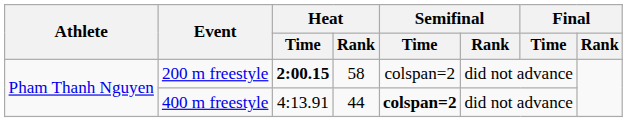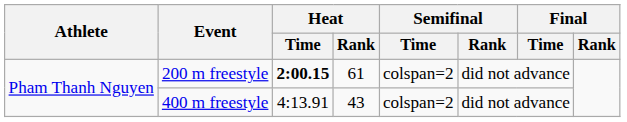 <table class=wikitable style="font-size:90%">
 <tr>
 <th rowspan="2">Athlete</th>
 <th rowspan="2">Event</th>
 <th colspan="2">Heat</th>
 <th colspan="2">Semifinal</th>
 <th colspan="2">Final</th>
 </tr>
 <tr style="font-size:95%">
 <th>Time</th>
 <th>Rank</th>
 <th>Time</th>
 <th>Rank</th>
 <th>Time</th>
 <th>Rank</th>
 </tr>
 <tr align=center>
 <td align=left rowspan=2><a href='#'>Pham Thanh Nguyen</a></td>
 <td align=left><a href='#'>200 m freestyle</a></td>
 <td><strong>2:00.15</strong></td>
-<td>58</td>
+<td>61</td>
 <td>colspan=2 </td>
 <td colspan=2>did not advance</td>
 </tr>
 <tr align=center>
 <td align=left><a href='#'>400 m freestyle</a></td>
 <td>4:13.91</td>
-<td>44</td>
-<td><strong>colspan=2 </strong></td>
+<td>43</td>
+<td>colspan=2 </td>
 <td colspan=2>did not advance</td>
 </tr>
 </table>
